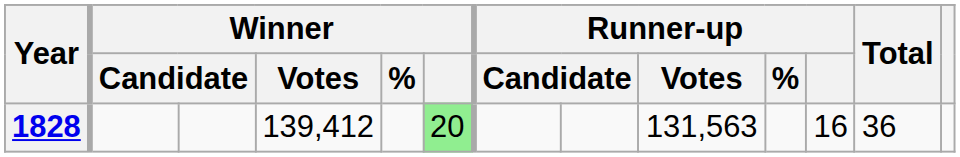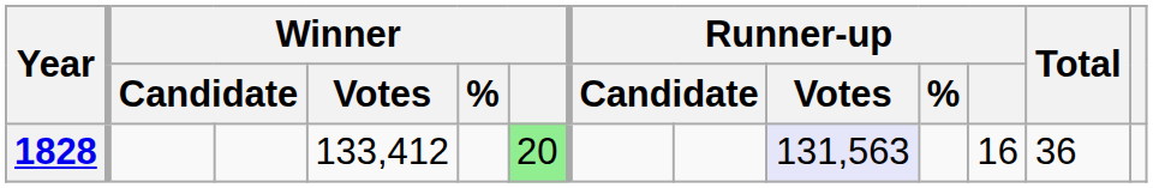 <table class="wikitable sortable">
 <tr>
 <th scope=col rowspan="2">Year</th>
 <th scope="colgroup" style="border-left:3px solid darkgray;" colspan="5">Winner</th>
 <th scope="colgroup" style="border-left:3px solid darkgray;" colspan="5">Runner-up</th>
 <th scope="col" class="unsortable" rowspan="2">Total<br></th>
 <th scope="col" class="unsortable" rowspan="2"></th>
 </tr>
 <tr>
 <th scope="colgroup" style="border-left:3px solid darkgray;" colspan="2">Candidate</th>
 <th scope="col" data-sort-type="number">Votes</th>
 <th scope="col"  data-sort-type="number">%</th>
 <th scope="col"  data-sort-type="number"></th>
 <th scope="colgroup" style="border-left:3px solid darkgray;" colspan="2">Candidate</th>
 <th scope="col"  data-sort-type="number">Votes</th>
 <th scope="col"  data-sort-type="number">%</th>
 <th scope="col"  data-sort-type="number"></th>
 </tr>
 <tr>
 <th scope="row"> <a href='#'>1828</a></th>
 <td style="text-align:left; border-left:3px solid darkgray; background-color:"></td>
 <td><strong></strong> </td>
-<td>139,412</td>
+<td>133,412</td>
 <td></td>
 <td style="background: lightgreen;">20</td>
 <td style="text-align:left; border-left:3px solid darkgray; background-color:"></td>
 <td> </td>
-<td>131,563</td>
+<td style="background: lavender;">131,563</td>
 <td></td>
 <td>16</td>
 <td>36</td>
 <td></td>
 </tr>
 </table>
